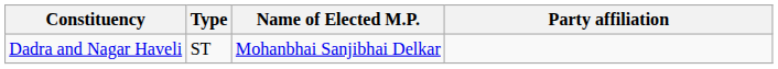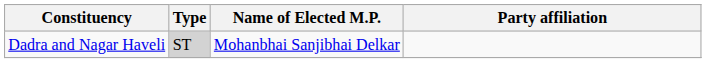 <table class="wikitable" style="font-size:95%;">
 <tr>
 <th>Constituency</th>
 <th>Type</th>
 <th>Name of Elected M.P.</th>
 <th colspan="2" style="width:18em">Party affiliation</th>
 </tr>
 <tr>
 <td><a href='#'>Dadra and Nagar Haveli</a></td>
-<td>ST</td>
+<td style="background: lightgrey;">ST</td>
 <td><a href='#'>Mohanbhai Sanjibhai Delkar</a></td>
 <td></td>
 </tr>
 <tr>
 </tr>
 </table>
